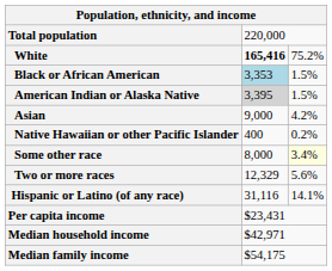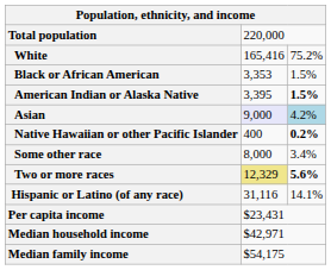 <table class="wikitable collapsible collapsed">
 <tr>
 <th colspan="6">Population, ethnicity, and income</th>
 </tr>
 <tr>
 <th scope="row" style="text-align: left;">Total population</th>
 <td colspan="2">220,000</td>
 </tr>
 <tr>
 <th scope="row" style="text-align: left;">  White</th>
-<td><strong>165,416</strong></td>
+<td>165,416</td>
 <td>75.2%</td>
 </tr>
 <tr>
 <th scope="row" style="text-align: left;">  Black or African American</th>
-<td style="background: lightblue;">3,353</td>
+<td>3,353</td>
 <td>1.5%</td>
 </tr>
 <tr>
 <th scope="row" style="text-align: left;">  American Indian or Alaska Native</th>
-<td style="background: lightgrey;">3,395</td>
-<td>1.5%</td>
+<td>3,395</td>
+<td><strong>1.5%</strong></td>
 </tr>
 <tr>
 <th scope="row" style="text-align: left;">  Asian</th>
-<td>9,000</td>
-<td>4.2%</td>
+<td style="background: lavender;">9,000</td>
+<td style="background: lightblue;">4.2%</td>
 </tr>
 <tr>
 <th scope="row" style="text-align: left;">  Native Hawaiian or other Pacific Islander</th>
 <td>400</td>
-<td>0.2%</td>
+<td><strong>0.2%</strong></td>
 </tr>
 <tr>
 <th scope="row" style="text-align: left;">  Some other race</th>
 <td>8,000</td>
-<td style="background: lightyellow;">3.4%</td>
+<td>3.4%</td>
 </tr>
 <tr>
 <th scope="row" style="text-align: left;">  Two or more races</th>
-<td>12,329</td>
-<td>5.6%</td>
+<td style="background: khaki;">12,329</td>
+<td><strong>5.6%</strong></td>
 </tr>
 <tr>
 <th scope="row" style="text-align: left;"> Hispanic or Latino (of any race)</th>
 <td>31,116</td>
 <td>14.1%</td>
 </tr>
 <tr>
 <th scope="row" style="text-align: left;">Per capita income</th>
 <td colspan="2">$23,431</td>
 </tr>
 <tr>
 <th scope="row" style="text-align: left;">Median household income</th>
 <td colspan="2">$42,971</td>
 </tr>
 <tr>
 <th scope="row" style="text-align: left;">Median family income</th>
 <td colspan="2">$54,175</td>
 </tr>
 </table>
